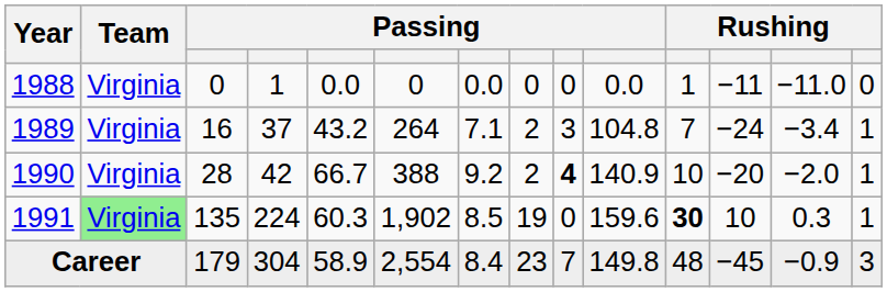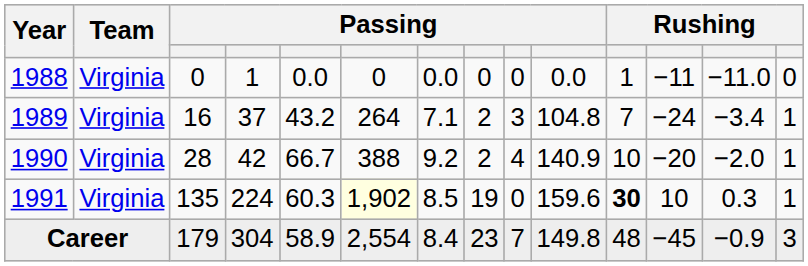 <table class="wikitable sortable" style="text-align:center;">
 <tr>
 <th rowspan=2>Year</th>
 <th rowspan=2>Team</th>
 <th colspan=8>Passing</th>
 <th colspan=4>Rushing</th>
 </tr>
 <tr>
 <th></th>
 <th></th>
 <th></th>
 <th></th>
 <th></th>
 <th></th>
 <th></th>
 <th></th>
 <th></th>
 <th></th>
 <th></th>
 <th></th>
 </tr>
 <tr>
 <td><a href='#'>1988</a></td>
 <td><a href='#'>Virginia</a></td>
 <td>0</td>
 <td>1</td>
 <td>0.0</td>
 <td>0</td>
 <td>0.0</td>
 <td>0</td>
 <td>0</td>
 <td>0.0</td>
 <td>1</td>
 <td>−11</td>
 <td>−11.0</td>
 <td>0</td>
 </tr>
 <tr>
 <td><a href='#'>1989</a></td>
 <td><a href='#'>Virginia</a></td>
 <td>16</td>
 <td>37</td>
 <td>43.2</td>
 <td>264</td>
 <td>7.1</td>
 <td>2</td>
 <td>3</td>
 <td>104.8</td>
 <td>7</td>
 <td>−24</td>
 <td>−3.4</td>
 <td>1</td>
 </tr>
 <tr>
 <td><a href='#'>1990</a></td>
 <td><a href='#'>Virginia</a></td>
 <td>28</td>
 <td>42</td>
 <td>66.7</td>
 <td>388</td>
 <td>9.2</td>
 <td>2</td>
-<td><strong>4</strong></td>
+<td>4</td>
 <td>140.9</td>
 <td>10</td>
 <td>−20</td>
 <td>−2.0</td>
 <td>1</td>
 </tr>
 <tr>
 <td><a href='#'>1991</a></td>
-<td style="background: lightgreen;"><a href='#'>Virginia</a></td>
+<td><a href='#'>Virginia</a></td>
 <td>135</td>
 <td>224</td>
 <td>60.3</td>
-<td>1,902</td>
+<td style="background: lightyellow;">1,902</td>
 <td>8.5</td>
 <td>19</td>
 <td>0</td>
 <td>159.6</td>
 <td><strong>30</strong></td>
 <td>10</td>
 <td>0.3</td>
 <td>1</td>
 </tr>
 <tr class="sortbottom" style="background:#eee;">
 <td colspan=2><strong>Career</strong></td>
 <td>179</td>
 <td>304</td>
 <td>58.9</td>
 <td>2,554</td>
 <td>8.4</td>
 <td>23</td>
 <td>7</td>
 <td>149.8</td>
 <td>48</td>
 <td>−45</td>
 <td>−0.9</td>
 <td>3</td>
 </tr>
 </table>
